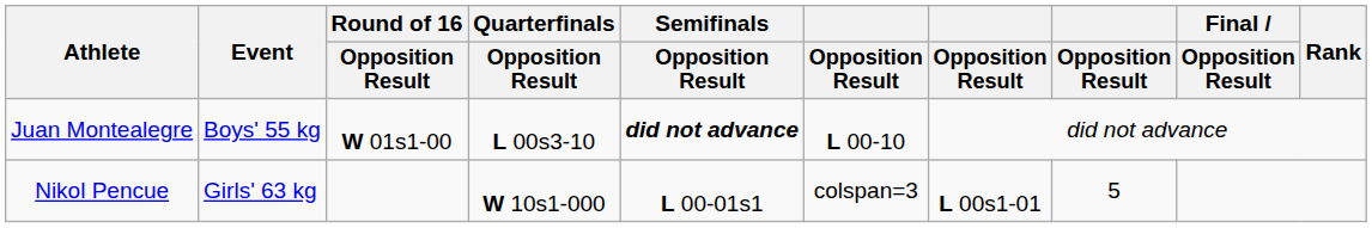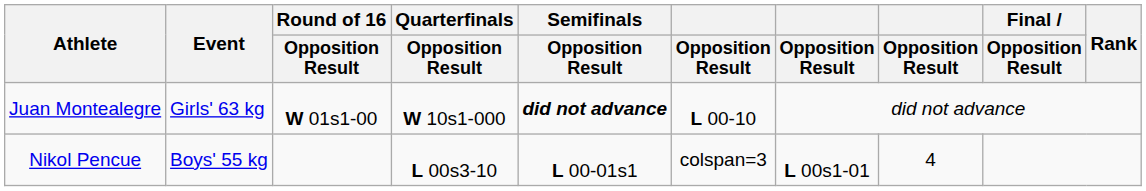 <table class="wikitable" style="font-size:90%">
 <tr>
 <th rowspan="2">Athlete</th>
 <th rowspan="2">Event</th>
 <th>Round of 16</th>
 <th>Quarterfinals</th>
 <th>Semifinals</th>
 <th></th>
 <th></th>
 <th></th>
 <th>Final / </th>
 <th rowspan=2>Rank</th>
 </tr>
 <tr style="font-size:95%">
 <th>Opposition<br>Result</th>
 <th>Opposition<br>Result</th>
 <th>Opposition<br>Result</th>
 <th>Opposition<br>Result</th>
 <th>Opposition<br>Result</th>
 <th>Opposition<br>Result</th>
 <th>Opposition<br>Result</th>
 </tr>
 <tr align=center>
 <td><a href='#'>Juan Montealegre</a></td>
-<td align=left><a href='#'>Boys' 55 kg</a></td>
+<td align=left><a href='#'>Girls' 63 kg</a></td>
 <td><br> <strong>W</strong> 01s1-00</td>
-<td><br> <strong>L</strong> 00s3-10</td>
+<td><br> <strong>W</strong> 10s1-000</td>
 <td><strong><em>did not advance</em></strong></td>
 <td><br> <strong>L</strong> 00-10</td>
 <td colspan=4><em>did not advance</em></td>
 </tr>
 <tr align=center>
 <td><a href='#'>Nikol Pencue</a></td>
-<td align=left><a href='#'>Girls' 63 kg</a></td>
+<td align=left><a href='#'>Boys' 55 kg</a></td>
 <td></td>
-<td><br> <strong>W</strong> 10s1-000</td>
+<td><br> <strong>L</strong> 00s3-10</td>
 <td><br> <strong>L</strong> 00-01s1</td>
 <td>colspan=3 </td>
 <td><br> <strong>L</strong> 00s1-01</td>
-<td>5</td>
+<td>4</td>
 </tr>
 </table>
